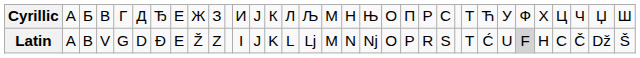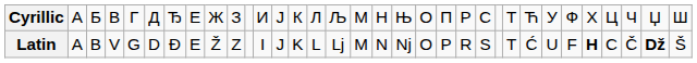 <table class="wikitable" style="text-align: center;">
 <tr>
 <th>Cyrillic</th>
 <td>А</td>
 <td>Б</td>
 <td>В</td>
 <td>Г</td>
 <td>Д</td>
 <td>Ђ</td>
 <td>Е</td>
 <td>Ж</td>
 <td>З</td>
 <td></td>
 <td>И</td>
 <td>Ј</td>
 <td>К</td>
 <td>Л</td>
 <td>Љ</td>
 <td>М</td>
 <td>Н</td>
 <td>Њ</td>
 <td>О</td>
 <td>П</td>
 <td>Р</td>
 <td>С</td>
 <td></td>
 <td>Т</td>
 <td>Ћ</td>
 <td>У</td>
 <td>Ф</td>
 <td>Х</td>
 <td>Ц</td>
 <td>Ч</td>
 <td>Џ</td>
 <td>Ш</td>
 </tr>
 <tr>
 <th>Latin</th>
 <td>A</td>
 <td>B</td>
 <td>V</td>
 <td>G</td>
 <td>D</td>
 <td>Đ</td>
 <td>E</td>
 <td>Ž</td>
 <td>Z</td>
 <td></td>
 <td>I</td>
 <td>J</td>
 <td>K</td>
 <td>L</td>
 <td>Lj</td>
 <td>M</td>
 <td>N</td>
 <td>Nj</td>
 <td>O</td>
 <td>P</td>
 <td>R</td>
 <td>S</td>
 <td></td>
 <td>T</td>
 <td>Ć</td>
 <td>U</td>
-<td style="background: lightgrey;">F</td>
-<td>H</td>
+<td>F</td>
+<td><strong>H</strong></td>
 <td>C</td>
 <td>Č</td>
-<td>Dž</td>
+<td><strong>Dž</strong></td>
 <td>Š</td>
 </tr>
 </table>
